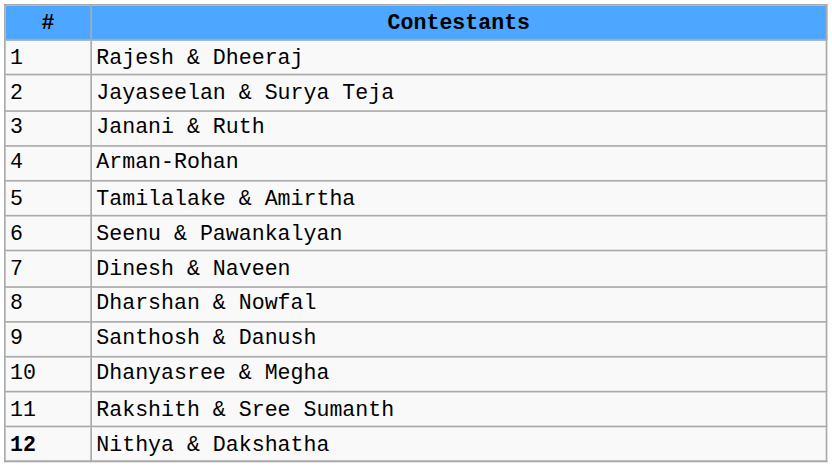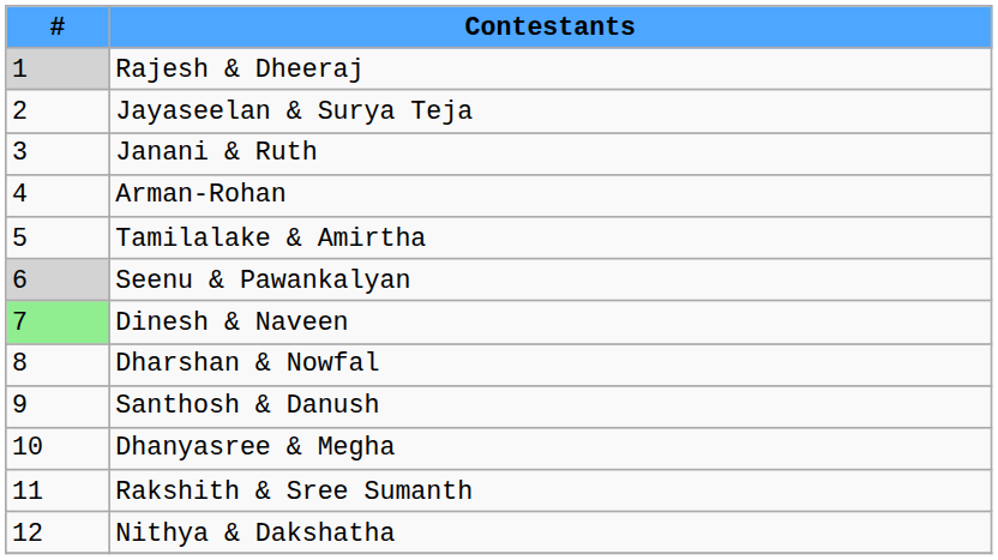 <table class="wikitable" width="25%">
 <tr>
 <th scope="col" style ="background: #4da6ff;"style="background: #8FBC8F ;color:black">#</th>
 <th scope="col" style ="background: #4da6ff;"style="background: #8FBC8F ;color:black">Contestants</th>
 </tr>
 <tr>
-<td>1</td>
+<td style="background: lightgrey;">1</td>
 <td>Rajesh & Dheeraj</td>
 </tr>
 <tr>
 <td>2</td>
 <td>Jayaseelan & Surya Teja</td>
 </tr>
 <tr>
 <td>3</td>
 <td>Janani & Ruth</td>
 </tr>
 <tr>
 <td>4</td>
 <td>Arman-Rohan</td>
 </tr>
 <tr>
 <td>5</td>
 <td>Tamilalake & Amirtha</td>
 </tr>
 <tr>
-<td>6</td>
+<td style="background: lightgrey;">6</td>
 <td>Seenu & Pawankalyan</td>
 </tr>
 <tr>
-<td>7</td>
+<td style="background: lightgreen;">7</td>
 <td>Dinesh & Naveen</td>
 </tr>
 <tr>
 <td>8</td>
 <td>Dharshan & Nowfal</td>
 </tr>
 <tr>
 <td>9</td>
 <td>Santhosh & Danush</td>
 </tr>
 <tr>
 <td>10</td>
 <td>Dhanyasree & Megha</td>
 </tr>
 <tr>
 <td>11</td>
 <td>Rakshith & Sree Sumanth</td>
 </tr>
 <tr>
-<td><strong>12</strong></td>
+<td>12</td>
 <td>Nithya & Dakshatha</td>
 </tr>
 <tr>
 </tr>
 </table>
